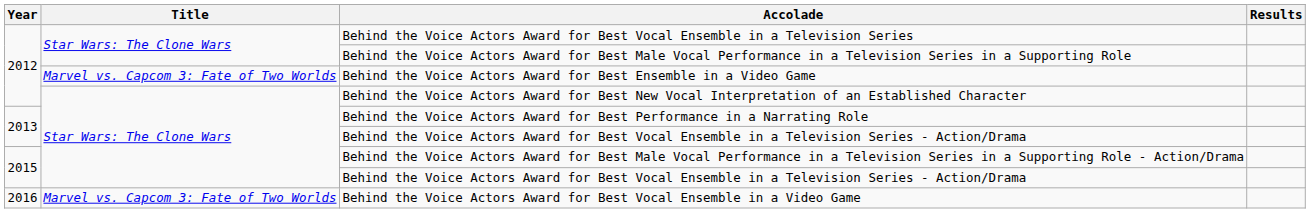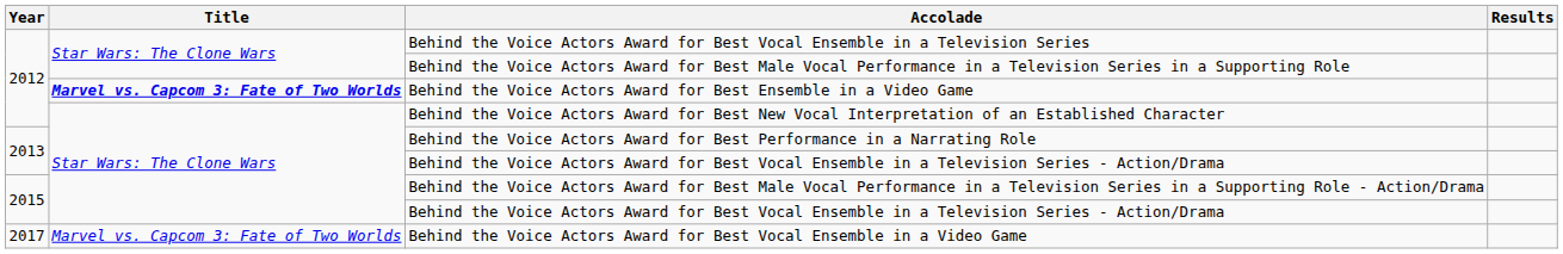 <table class="wikitable sortable">
 <tr>
 <th>Year</th>
 <th>Title</th>
 <th>Accolade</th>
 <th>Results</th>
 </tr>
 <tr>
 <td rowspan="4">2012</td>
 <td rowspan="2"><em><a href='#'>Star Wars: The Clone Wars</a></em></td>
 <td>Behind the Voice Actors Award for Best Vocal Ensemble in a Television Series</td>
 <td></td>
 </tr>
 <tr>
 <td>Behind the Voice Actors Award for Best Male Vocal Performance in a Television Series in a Supporting Role</td>
 <td></td>
 </tr>
 <tr>
-<td><em><a href='#'>Marvel vs. Capcom 3: Fate of Two Worlds</a></em></td>
+<td><strong><em><a href='#'>Marvel vs. Capcom 3: Fate of Two Worlds</a></em></strong></td>
 <td>Behind the Voice Actors Award for Best Ensemble in a Video Game</td>
 <td></td>
 </tr>
 <tr>
 <td rowspan="5"><em><a href='#'>Star Wars: The Clone Wars</a></em></td>
 <td>Behind the Voice Actors Award for Best New Vocal Interpretation of an Established Character</td>
 <td></td>
 </tr>
 <tr>
 <td rowspan="2">2013</td>
 <td>Behind the Voice Actors Award for Best Performance in a Narrating Role</td>
 <td></td>
 </tr>
 <tr>
 <td>Behind the Voice Actors Award for Best Vocal Ensemble in a Television Series - Action/Drama</td>
 <td></td>
 </tr>
 <tr>
 <td rowspan="2">2015</td>
 <td>Behind the Voice Actors Award for Best Male Vocal Performance in a Television Series in a Supporting Role - Action/Drama</td>
 <td></td>
 </tr>
 <tr>
 <td>Behind the Voice Actors Award for Best Vocal Ensemble in a Television Series - Action/Drama</td>
 <td></td>
 </tr>
 <tr>
-<td>2016</td>
+<td>2017</td>
 <td><em><a href='#'>Marvel vs. Capcom 3: Fate of Two Worlds</a></em></td>
 <td>Behind the Voice Actors Award for Best Vocal Ensemble in a Video Game</td>
 <td></td>
 </tr>
 </table>
